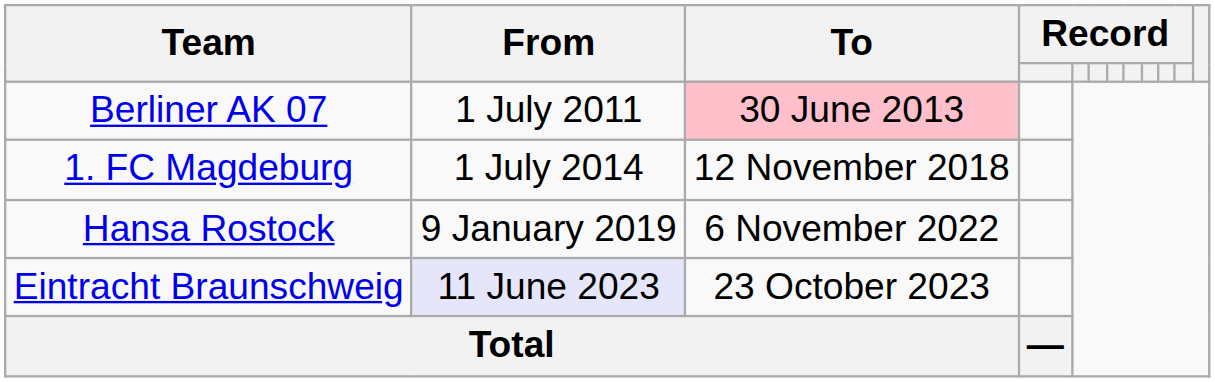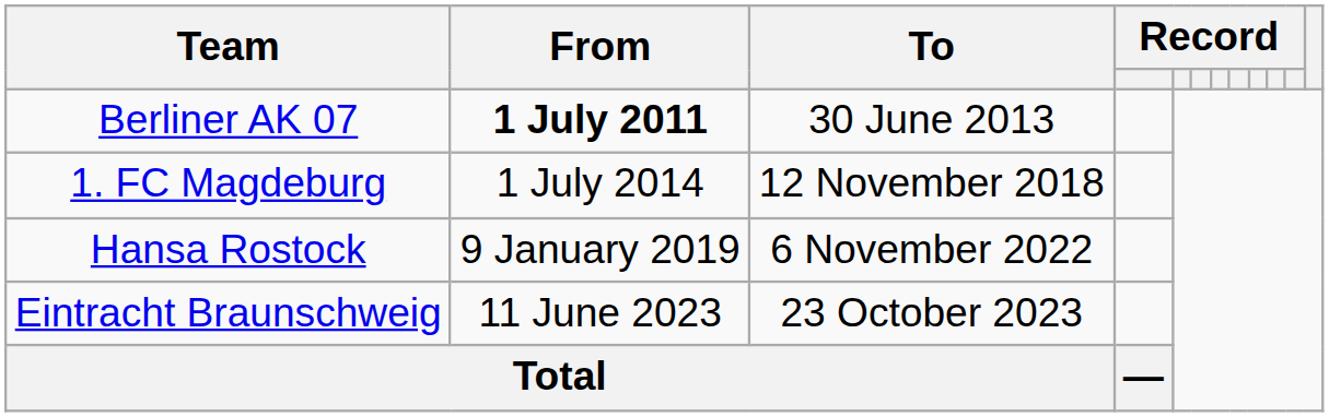 <table class="wikitable" style="text-align: center">
 <tr>
 <th rowspan="2">Team</th>
 <th rowspan="2">From</th>
 <th rowspan="2">To</th>
 <th colspan="8">Record</th>
 <th rowspan=2></th>
 </tr>
 <tr>
 <th></th>
 <th></th>
 <th></th>
 <th></th>
 <th></th>
 <th></th>
 <th></th>
 <th></th>
 </tr>
 <tr>
 <td><a href='#'>Berliner AK 07</a></td>
-<td>1 July 2011</td>
-<td style="background: pink;">30 June 2013<br></td>
+<td><strong>1 July 2011</strong></td>
+<td>30 June 2013<br></td>
 <td></td>
 </tr>
 <tr>
 <td><a href='#'>1. FC Magdeburg</a></td>
 <td>1 July 2014</td>
 <td>12 November 2018<br></td>
 <td></td>
 </tr>
 <tr>
 <td><a href='#'>Hansa Rostock</a></td>
 <td>9 January 2019</td>
 <td>6 November 2022<br></td>
 <td></td>
 </tr>
 <tr>
 <td><a href='#'>Eintracht Braunschweig</a></td>
-<td style="background: lavender;">11 June 2023</td>
+<td>11 June 2023</td>
 <td>23 October 2023<br></td>
 <td></td>
 </tr>
 <tr>
 <th colspan="3">Total<br></th>
 <th>—</th>
 </tr>
 </table>
